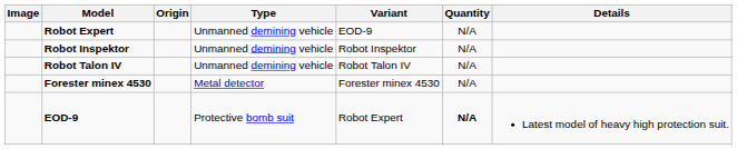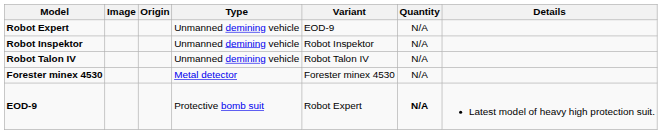 <table class="wikitable">
 <tr>
+<th>Model</th>
 <th>Image</th>
-<th>Model</th>
 <th>Origin</th>
 <th>Type</th>
 <th>Variant</th>
 <th>Quantity</th>
 <th>Details</th>
 </tr>
 <tr>
+<td><strong>Robot Expert</strong></td>
 <td></td>
-<td><strong>Robot Expert</strong></td>
 <td><small></small></td>
 <td>Unmanned <a href='#'>demining</a> vehicle</td>
 <td>EOD-9</td>
 <td style="text-align: center;">N/A</td>
 <td></td>
 </tr>
 <tr>
+<td><strong>Robot Inspektor</strong></td>
 <td></td>
-<td><strong>Robot Inspektor</strong></td>
 <td><small></small></td>
 <td>Unmanned <a href='#'>demining</a> vehicle</td>
 <td>Robot Inspektor</td>
 <td style="text-align: center;">N/A</td>
 <td></td>
 </tr>
 <tr>
+<td><strong>Robot Talon IV</strong></td>
 <td></td>
-<td><strong>Robot Talon IV</strong></td>
 <td><small></small></td>
 <td>Unmanned <a href='#'>demining</a> vehicle</td>
 <td>Robot Talon IV</td>
 <td style="text-align: center;">N/A</td>
 <td></td>
 </tr>
 <tr>
+<td><strong>Forester minex 4530</strong></td>
 <td></td>
-<td><strong>Forester minex 4530</strong></td>
 <td><small></small></td>
 <td><a href='#'>Metal detector</a></td>
 <td>Forester minex 4530</td>
 <td style="text-align: center;">N/A</td>
 <td></td>
 </tr>
 <tr>
+<td><strong>EOD-9</strong></td>
 <td></td>
-<td><strong>EOD-9</strong></td>
 <td><small></small></td>
 <td>Protective <a href='#'>bomb suit</a></td>
 <td>Robot Expert</td>
 <td style="text-align: center;"><strong>N/A</strong></td>
 <td><br><ul><li>Latest model of heavy high protection suit.</li></ul></td>
 </tr>
 </table>
